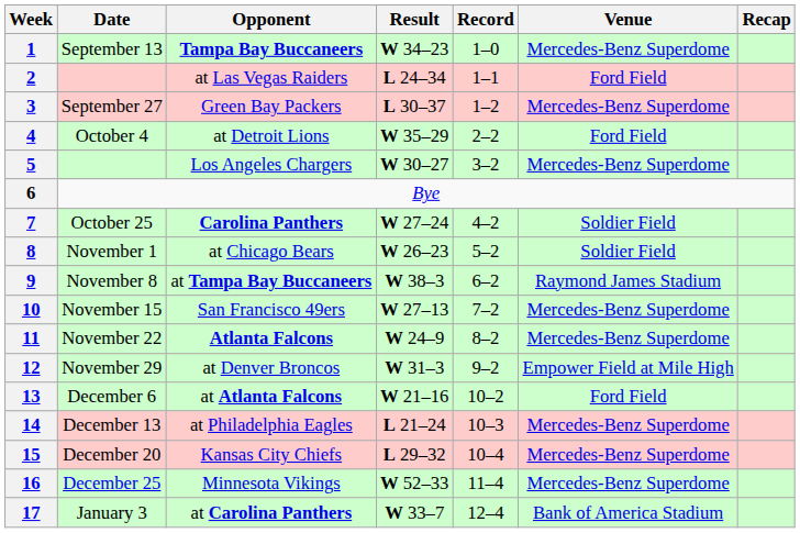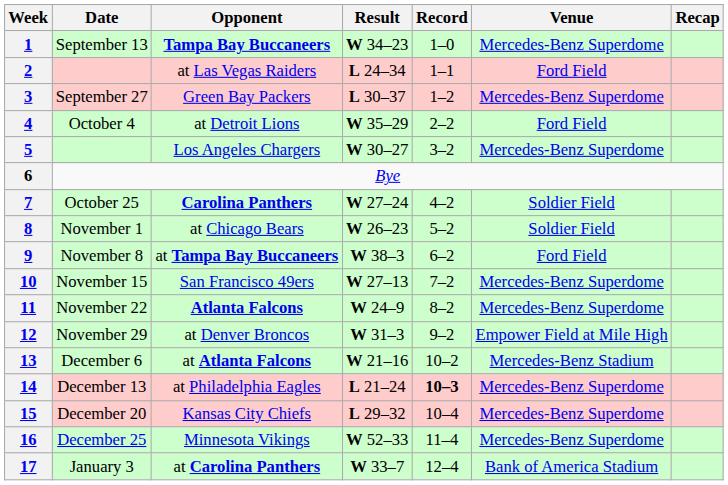 <table class="wikitable" style="text-align:center">
 <tr>
 <th>Week</th>
 <th>Date</th>
 <th>Opponent</th>
 <th>Result</th>
 <th>Record</th>
 <th>Venue</th>
 <th>Recap</th>
 </tr>
 <tr style="background:#cfc">
 <th><a href='#'>1</a></th>
 <td>September 13</td>
 <td><strong><a href='#'>Tampa Bay Buccaneers</a></strong></td>
 <td><strong>W</strong> 34–23</td>
 <td>1–0</td>
 <td><a href='#'>Mercedes-Benz Superdome</a></td>
 <td></td>
 </tr>
 <tr style="background:#fcc">
 <th><a href='#'>2</a></th>
 <td></td>
 <td>at <a href='#'>Las Vegas Raiders</a></td>
 <td><strong>L</strong> 24–34</td>
 <td>1–1</td>
 <td><a href='#'>Ford Field</a></td>
 <td></td>
 </tr>
 <tr style="background:#fcc">
 <th><a href='#'>3</a></th>
 <td>September 27</td>
 <td><a href='#'>Green Bay Packers</a></td>
 <td><strong>L</strong> 30–37</td>
 <td>1–2</td>
 <td><a href='#'>Mercedes-Benz Superdome</a></td>
 <td></td>
 </tr>
 <tr style="background:#cfc">
 <th><a href='#'>4</a></th>
 <td>October 4</td>
 <td>at <a href='#'>Detroit Lions</a></td>
 <td><strong>W</strong> 35–29</td>
 <td>2–2</td>
 <td><a href='#'>Ford Field</a></td>
 <td></td>
 </tr>
 <tr style="background:#cfc">
 <th><a href='#'>5</a></th>
 <td></td>
 <td><a href='#'>Los Angeles Chargers</a></td>
 <td><strong>W</strong> 30–27 </td>
 <td>3–2</td>
 <td><a href='#'>Mercedes-Benz Superdome</a></td>
 <td></td>
 </tr>
 <tr>
 <th>6</th>
 <td colspan="6"><em><a href='#'>Bye</a></em></td>
 </tr>
 <tr style="background:#cfc">
 <th><a href='#'>7</a></th>
 <td>October 25</td>
 <td><strong><a href='#'>Carolina Panthers</a></strong></td>
 <td><strong>W</strong> 27–24</td>
 <td>4–2</td>
 <td><a href='#'>Soldier Field</a></td>
 <td></td>
 </tr>
 <tr style="background:#cfc">
 <th><a href='#'>8</a></th>
 <td>November 1</td>
 <td>at <a href='#'>Chicago Bears</a></td>
 <td><strong>W</strong> 26–23 </td>
 <td>5–2</td>
 <td><a href='#'>Soldier Field</a></td>
 <td></td>
 </tr>
 <tr style="background:#cfc">
 <th><a href='#'>9</a></th>
 <td>November 8</td>
 <td>at <strong><a href='#'>Tampa Bay Buccaneers</a></strong></td>
 <td><strong>W</strong> 38–3</td>
 <td>6–2</td>
-<td><a href='#'>Raymond James Stadium</a></td>
+<td><a href='#'>Ford Field</a></td>
 <td></td>
 </tr>
 <tr style="background:#cfc">
 <th><a href='#'>10</a></th>
 <td>November 15</td>
 <td><a href='#'>San Francisco 49ers</a></td>
 <td><strong>W</strong> 27–13</td>
 <td>7–2</td>
 <td><a href='#'>Mercedes-Benz Superdome</a></td>
 <td></td>
 </tr>
 <tr style="background:#cfc">
 <th><a href='#'>11</a></th>
 <td>November 22</td>
 <td><strong><a href='#'>Atlanta Falcons</a></strong></td>
 <td><strong>W</strong> 24–9</td>
 <td>8–2</td>
 <td><a href='#'>Mercedes-Benz Superdome</a></td>
 <td></td>
 </tr>
 <tr style="background:#cfc">
 <th><a href='#'>12</a></th>
 <td>November 29</td>
 <td>at <a href='#'>Denver Broncos</a></td>
 <td><strong>W</strong> 31–3</td>
 <td>9–2</td>
 <td><a href='#'>Empower Field at Mile High</a></td>
 <td></td>
 </tr>
 <tr style="background:#cfc">
 <th><a href='#'>13</a></th>
 <td>December 6</td>
 <td>at <strong><a href='#'>Atlanta Falcons</a></strong></td>
 <td><strong>W</strong> 21–16</td>
 <td>10–2</td>
-<td><a href='#'>Ford Field</a></td>
+<td><a href='#'>Mercedes-Benz Stadium</a></td>
 <td></td>
 </tr>
 <tr style="background:#fcc">
 <th><a href='#'>14</a></th>
 <td>December 13</td>
 <td>at <a href='#'>Philadelphia Eagles</a></td>
 <td><strong>L</strong> 21–24</td>
-<td>10–3</td>
+<td><strong>10–3</strong></td>
 <td><a href='#'>Mercedes-Benz Superdome</a></td>
 <td></td>
 </tr>
 <tr style="background:#fcc">
 <th><a href='#'>15</a></th>
 <td>December 20</td>
 <td><a href='#'>Kansas City Chiefs</a></td>
 <td><strong>L</strong> 29–32</td>
 <td>10–4</td>
 <td><a href='#'>Mercedes-Benz Superdome</a></td>
 <td></td>
 </tr>
 <tr style="background:#cfc">
 <th><a href='#'>16</a></th>
 <td><a href='#'>December 25</a></td>
 <td><a href='#'>Minnesota Vikings</a></td>
 <td><strong>W</strong> 52–33</td>
 <td>11–4</td>
 <td><a href='#'>Mercedes-Benz Superdome</a></td>
 <td></td>
 </tr>
 <tr style="background:#cfc">
 <th><a href='#'>17</a></th>
 <td>January 3</td>
 <td>at <strong><a href='#'>Carolina Panthers</a></strong></td>
 <td><strong>W</strong> 33–7</td>
 <td>12–4</td>
 <td><a href='#'>Bank of America Stadium</a></td>
 <td></td>
 </tr>
 </table>
